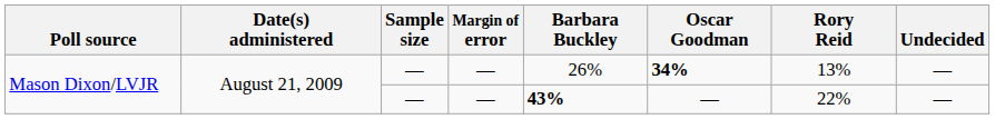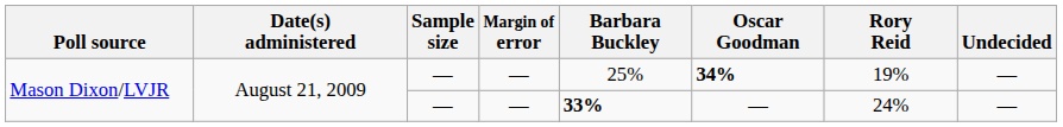 <table class="wikitable">
 <tr valign= bottom>
 <th style="width:145px;">Poll source</th>
 <th style="width:165px;">Date(s)<br>administered</th>
 <th class=small>Sample<br>size</th>
 <th><small>Margin of</small><br>error</th>
 <th style="width:100px;">Barbara<br>Buckley</th>
 <th style="width:100px;">Oscar<br>Goodman</th>
 <th style="width:100px;">Rory<br>Reid</th>
 <th style="width:40px;">Undecided</th>
 </tr>
 <tr>
 <td rowspan=2><a href='#'>Mason Dixon</a>/<a href='#'>LVJR</a></td>
 <td rowspan="2" style="text-align:center;">August 21, 2009</td>
 <td align=center>—</td>
 <td align=center>—</td>
-<td align=center>26%</td>
+<td align=center>25%</td>
 <td><strong>34%</strong></td>
-<td align=center>13%</td>
+<td align=center>19%</td>
 <td align=center>—</td>
 </tr>
 <tr>
 <td align=center>—</td>
 <td align=center>—</td>
-<td><strong>43%</strong></td>
+<td><strong>33%</strong></td>
 <td align=center>—</td>
-<td align=center>22%</td>
+<td align=center>24%</td>
 <td align=center>—</td>
 </tr>
 </table>
